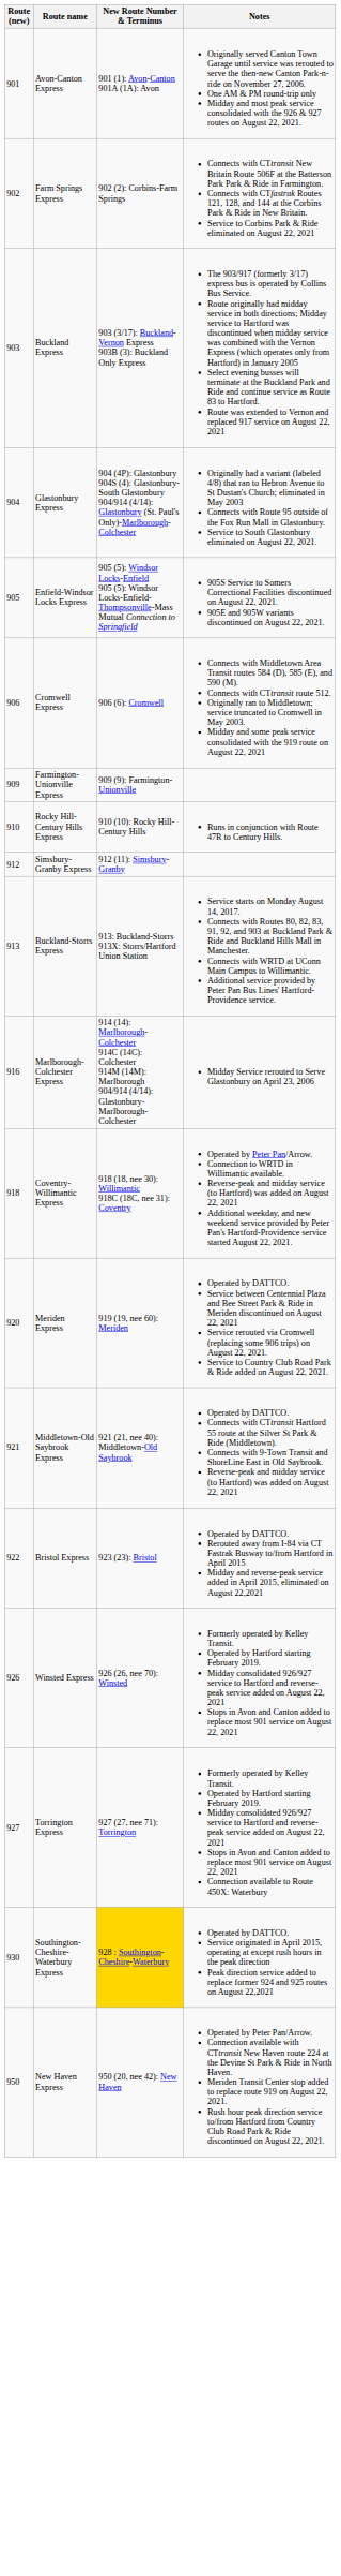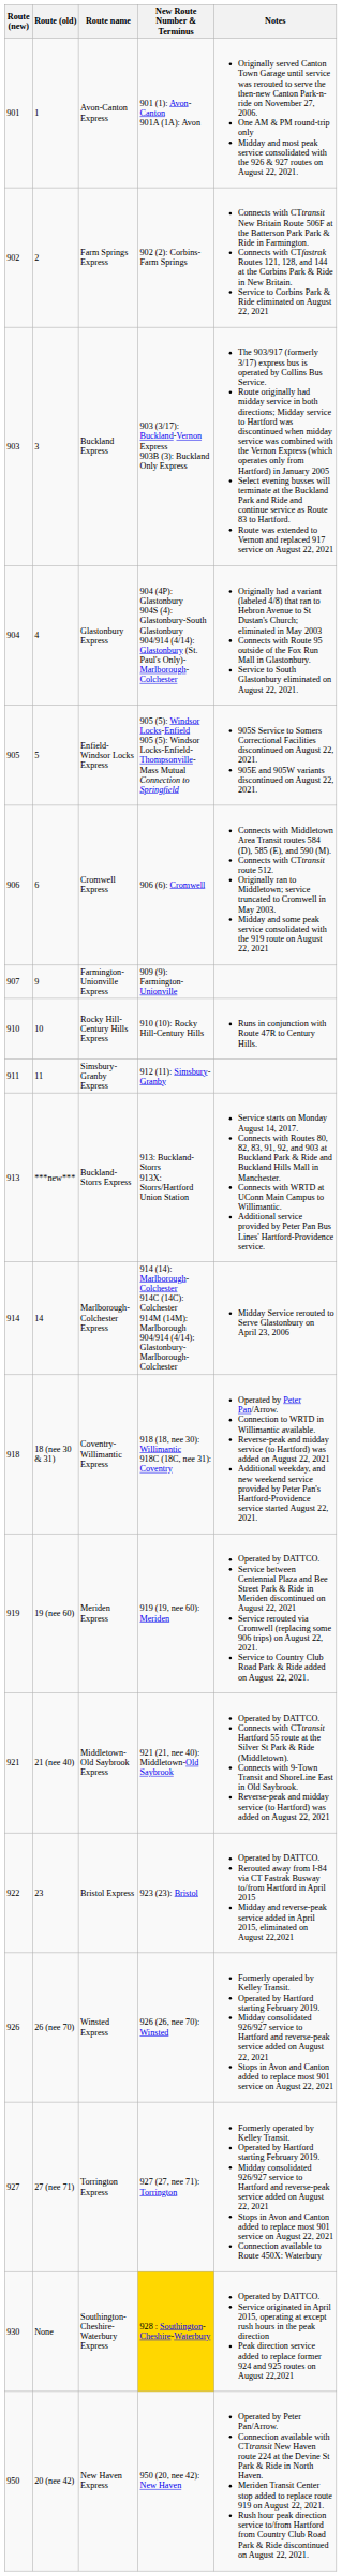 <table class="wikitable">
 <tr>
 <th>Route (new)</th>
+<th>Route (old)</th>
 <th>Route name</th>
 <th>New Route Number & Terminus</th>
 <th>Notes</th>
 </tr>
 <tr>
 <td>901</td>
+<td>1</td>
 <td>Avon-Canton Express</td>
 <td>901 (1): <a href='#'>Avon</a>-<a href='#'>Canton</a><br>901A (1A): Avon</td>
 <td><br><ul><li>Originally served Canton Town Garage until service was rerouted to serve the then-new Canton Park-n-ride on November 27, 2006.</li><li>One AM & PM round-trip only</li><li>Midday and most peak service consolidated with the 926 & 927 routes on August 22, 2021.</li></ul></td>
 </tr>
 <tr>
 <td>902</td>
+<td>2</td>
 <td>Farm Springs Express</td>
 <td>902 (2): Corbins-Farm Springs</td>
 <td><br><ul><li>Connects with CT<em>transit</em> New Britain Route 506F at the Batterson Park Park & Ride in Farmington.</li><li>Connects with CT<em>fastrak</em> Routes 121, 128, and 144 at the Corbins Park & Ride in New Britain.</li><li>Service to Corbins Park & Ride eliminated on August 22, 2021</li></ul></td>
 </tr>
 <tr>
 <td>903</td>
+<td>3</td>
 <td>Buckland Express</td>
 <td>903 (3/17): <a href='#'>Buckland</a>-<a href='#'>Vernon</a> Express<br>903B (3): Buckland Only Express</td>
 <td><br><ul><li>The 903/917 (formerly 3/17) express bus is operated by Collins Bus Service.</li><li>Route originally had midday service in both directions; Midday service to Hartford was discontinued when midday service was combined with the Vernon Express (which operates only from Hartford) in January 2005</li><li>Select evening busses will terminate at the Buckland Park and Ride and continue service as Route 83 to Hartford.</li><li>Route was extended to Vernon and replaced 917 service on August 22, 2021</li></ul></td>
 </tr>
 <tr>
 <td>904</td>
+<td>4</td>
 <td>Glastonbury Express</td>
 <td>904 (4P): Glastonbury<br>904S (4): Glastonbury-South Glastonbury<br>904/914 (4/14): <a href='#'>Glastonbury</a> (St. Paul's Only)-<a href='#'>Marlborough</a>-<a href='#'>Colchester</a></td>
 <td><br><ul><li>Originally had a variant (labeled 4/8) that ran to Hebron Avenue to St Dustan's Church; eliminated in May 2003</li><li>Connects with Route 95 outside of the Fox Run Mall in Glastonbury.</li><li>Service to South Glastonbury eliminated on August 22, 2021.</li></ul></td>
 </tr>
 <tr>
 <td>905</td>
+<td>5</td>
 <td>Enfield-Windsor Locks Express</td>
 <td>905 (5): <a href='#'>Windsor Locks</a>-<a href='#'>Enfield</a><br>905 (5): Windsor Locks-Enfield-<a href='#'>Thompsonville</a>-Mass Mutual <em>Connection to <a href='#'>Springfield</a></em></td>
 <td><br><ul><li>905S Service to Somers Correctional Facilities discontinued on August 22, 2021.</li><li>905E and 905W variants discontinued on August 22, 2021.</li></ul></td>
 </tr>
 <tr>
 <td>906</td>
+<td>6</td>
 <td>Cromwell Express</td>
 <td>906 (6): <a href='#'>Cromwell</a></td>
 <td><br><ul><li>Connects with Middletown Area Transit routes 584 (D), 585 (E), and 590 (M).</li><li>Connects with CT<em>transit</em> route 512.</li><li>Originally ran to Middletown; service truncated to Cromwell in May 2003.</li><li>Midday and some peak service consolidated with the 919 route on August 22, 2021</li></ul></td>
 </tr>
 <tr>
-<td>909</td>
+<td>907</td>
+<td>9</td>
 <td>Farmington-Unionville Express</td>
 <td>909 (9): Farmington-<a href='#'>Unionville</a></td>
 <td></td>
 </tr>
 <tr>
 <td>910</td>
+<td>10</td>
 <td>Rocky Hill-Century Hills Express</td>
 <td>910 (10): Rocky Hill-Century Hills</td>
 <td><br><ul><li>Runs in conjunction with Route 47R to Century Hills.</li></ul></td>
 </tr>
 <tr>
-<td>912</td>
+<td>911</td>
+<td>11</td>
 <td>Simsbury-Granby Express</td>
 <td>912 (11): <a href='#'>Simsbury</a>-<a href='#'>Granby</a></td>
 <td></td>
 </tr>
 <tr>
 <td>913</td>
+<td>***new***</td>
 <td>Buckland-Storrs Express</td>
 <td>913: Buckland-Storrs<br>913X: Storrs/Hartford Union Station</td>
 <td><br><ul><li>Service starts on Monday August 14, 2017.</li><li>Connects with Routes 80, 82, 83, 91, 92, and 903 at Buckland Park & Ride and Buckland Hills Mall in Manchester.</li><li>Connects with WRTD at UConn Main Campus to Willimantic.</li><li>Additional service provided by Peter Pan Bus Lines' Hartford-Providence service.</li></ul></td>
 </tr>
 <tr>
-<td>916</td>
+<td>914</td>
+<td>14</td>
 <td>Marlborough-Colchester Express</td>
 <td>914 (14): <a href='#'>Marlborough</a>-<a href='#'>Colchester</a><br>914C (14C): Colchester<br>914M (14M): Marlborough<br>904/914 (4/14): Glastonbury-Marlborough-Colchester</td>
 <td><br><ul><li>Midday Service rerouted to Serve Glastonbury on April 23, 2006</li></ul></td>
 </tr>
 <tr>
 <td>918</td>
+<td>18 (nee 30 & 31)</td>
 <td>Coventry-Willimantic Express</td>
 <td>918 (18, nee 30): <a href='#'>Willimantic</a><br>918C (18C, nee 31): <a href='#'>Coventry</a></td>
 <td><br><ul><li>Operated by <a href='#'>Peter Pan</a>/Arrow.</li><li>Connection to WRTD in Willimantic available.</li><li>Reverse-peak and midday service (to Hartford) was added on August 22, 2021</li><li>Additional weekday, and new weekend service provided by Peter Pan's Hartford-Providence service started August 22, 2021.</li></ul></td>
 </tr>
 <tr>
-<td>920</td>
+<td>919</td>
+<td>19 (nee 60)</td>
 <td>Meriden Express</td>
 <td>919 (19, nee 60): <a href='#'>Meriden</a></td>
 <td><br><ul><li>Operated by DATTCO.</li><li>Service between Centennial Plaza and Bee Street Park & Ride in Meriden discontinued on August 22, 2021</li><li>Service rerouted via Cromwell (replacing some 906 trips) on August 22, 2021.</li><li>Service to Country Club Road Park & Ride added on August 22, 2021.</li></ul></td>
 </tr>
 <tr>
 <td>921</td>
+<td>21 (nee 40)</td>
 <td>Middletown-Old Saybrook Express</td>
 <td>921 (21, nee 40): Middletown-<a href='#'>Old Saybrook</a></td>
 <td><br><ul><li>Operated by DATTCO.</li><li>Connects with CT<em>transit</em> Hartford 55 route at the Silver St Park & Ride (Middletown).</li><li>Connects with 9-Town Transit and ShoreLine East in Old Saybrook.</li><li>Reverse-peak and midday service (to Hartford) was added on August 22, 2021</li></ul></td>
 </tr>
 <tr>
 <td>922</td>
+<td>23</td>
 <td>Bristol Express</td>
 <td>923 (23): <a href='#'>Bristol</a></td>
 <td><br><ul><li>Operated by DATTCO.</li><li>Rerouted away from I-84 via CT Fastrak Busway to/from Hartford in April 2015</li><li>Midday and reverse-peak service added in April 2015, eliminated on August 22,2021</li></ul></td>
 </tr>
 <tr>
 <td>926</td>
+<td>26 (nee 70)</td>
 <td>Winsted Express</td>
 <td>926 (26, nee 70): <a href='#'>Winsted</a></td>
 <td><br><ul><li>Formerly operated by Kelley Transit.</li><li>Operated by Hartford starting February 2019.</li><li>Midday consolidated 926/927 service to Hartford and reverse-peak service added on August 22, 2021</li><li>Stops in Avon and Canton added to replace most 901 service on August 22, 2021</li></ul></td>
 </tr>
 <tr>
 <td>927</td>
+<td>27 (nee 71)</td>
 <td>Torrington Express</td>
 <td>927 (27, nee 71): <a href='#'>Torrington</a></td>
 <td><br><ul><li>Formerly operated by Kelley Transit.</li><li>Operated by Hartford starting February 2019.</li><li>Midday consolidated 926/927 service to Hartford and reverse-peak service added on August 22, 2021</li><li>Stops in Avon and Canton added to replace most 901 service on August 22, 2021</li><li>Connection available to Route 450X: Waterbury</li></ul></td>
 </tr>
 <tr>
 <td>930</td>
+<td>None</td>
 <td>Southington-Cheshire-Waterbury Express</td>
 <td style="background: gold;">928 : <a href='#'>Southington</a>-<a href='#'>Cheshire</a>-<a href='#'>Waterbury</a></td>
 <td><br><ul><li>Operated by DATTCO.</li><li>Service originated in April 2015, operating at except rush hours in the peak direction</li><li>Peak direction service added to replace former 924 and 925 routes on August 22,2021</li></ul></td>
 </tr>
 <tr>
 <td>950</td>
+<td>20 (nee 42)</td>
 <td>New Haven Express</td>
 <td>950 (20, nee 42): <a href='#'>New Haven</a></td>
 <td><br><ul><li>Operated by Peter Pan/Arrow.</li><li>Connection available with CT<em>transit</em> New Haven route 224 at the Devine St Park & Ride in North Haven.</li><li>Meriden Transit Center stop added to replace route 919 on August 22, 2021.</li><li>Rush hour peak direction service to/from Hartford from Country Club Road Park & Ride discontinued on August 22, 2021.</li></ul></td>
 </tr>
 </table>
